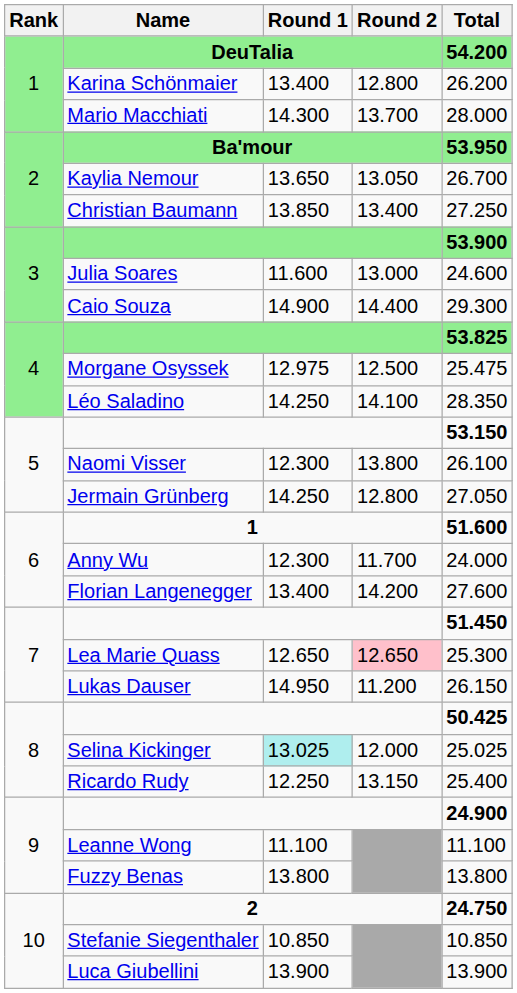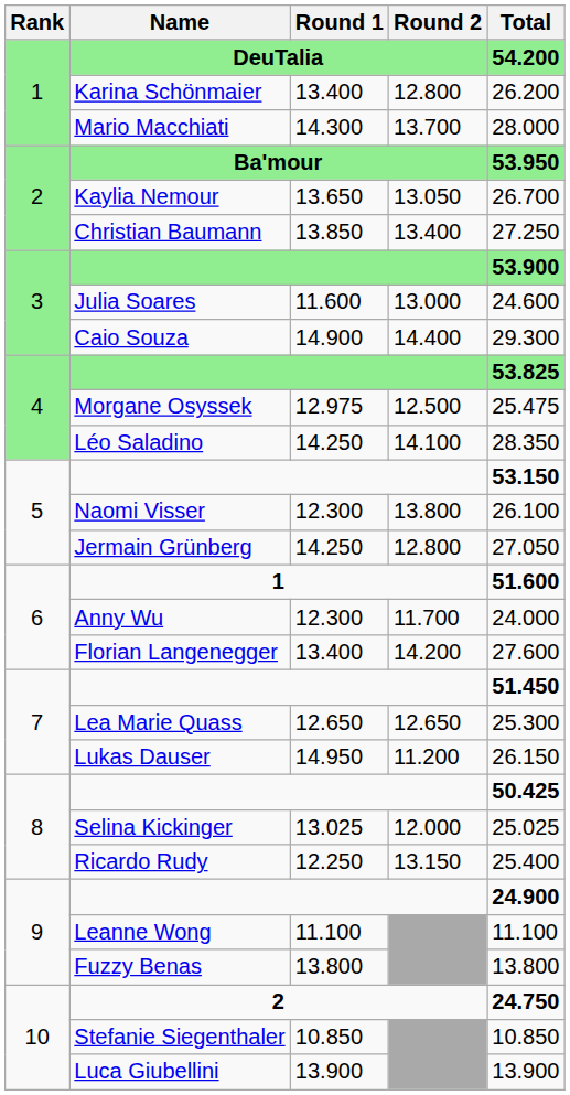 <table class="wikitable" white-space:nowrap">
 <tr>
 <th>Rank</th>
 <th>Name</th>
 <th>Round 1</th>
 <th>Round 2</th>
 <th>Total</th>
 </tr>
 <tr bgcolor="lightgreen">
 <td rowspan="3" align=center>1</td>
 <td align=center colspan="3">  <strong>DeuTalia</strong></td>
 <td><strong>54.200</strong></td>
 </tr>
 <tr>
 <td><a href='#'>Karina Schönmaier</a></td>
 <td> 13.400</td>
 <td> 12.800</td>
 <td>26.200</td>
 </tr>
 <tr>
 <td><a href='#'>Mario Macchiati</a></td>
 <td> 14.300</td>
 <td> 13.700</td>
 <td>28.000</td>
 </tr>
 <tr bgcolor="lightgreen">
 <td rowspan="3" align=center>2</td>
 <td align=center colspan="3">  <strong>Ba'mour</strong></td>
 <td><strong>53.950</strong></td>
 </tr>
 <tr>
 <td><a href='#'>Kaylia Nemour</a></td>
 <td> 13.650</td>
 <td> 13.050</td>
 <td>26.700</td>
 </tr>
 <tr>
 <td><a href='#'>Christian Baumann</a></td>
 <td> 13.850</td>
 <td> 13.400</td>
 <td>27.250</td>
 </tr>
 <tr bgcolor="lightgreen">
 <td rowspan="3" align=center>3</td>
 <td align=center colspan="3"><strong></strong></td>
 <td><strong>53.900</strong></td>
 </tr>
 <tr>
 <td><a href='#'>Julia Soares</a></td>
 <td> 11.600</td>
 <td> 13.000</td>
 <td>24.600</td>
 </tr>
 <tr>
 <td><a href='#'>Caio Souza</a></td>
 <td> 14.900</td>
 <td> 14.400</td>
 <td>29.300</td>
 </tr>
 <tr bgcolor="lightgreen">
 <td rowspan="3" align=center>4</td>
 <td align=center colspan="3"><strong></strong></td>
 <td><strong>53.825</strong></td>
 </tr>
 <tr>
 <td><a href='#'>Morgane Osyssek</a></td>
 <td> 12.975</td>
 <td> 12.500</td>
 <td>25.475</td>
 </tr>
 <tr>
 <td><a href='#'>Léo Saladino</a></td>
 <td> 14.250</td>
 <td> 14.100</td>
 <td>28.350</td>
 </tr>
 <tr>
 <td rowspan="3" align=center>5</td>
 <td align=center colspan="3"><strong></strong></td>
 <td><strong>53.150</strong></td>
 </tr>
 <tr>
 <td><a href='#'>Naomi Visser</a></td>
 <td> 12.300</td>
 <td> 13.800</td>
 <td>26.100</td>
 </tr>
 <tr>
 <td><a href='#'>Jermain Grünberg</a></td>
 <td> 14.250</td>
 <td> 12.800</td>
 <td>27.050</td>
 </tr>
 <tr>
 <td rowspan="3" align=center>6</td>
 <td align=center colspan="3"><strong> 1</strong></td>
 <td><strong>51.600</strong></td>
 </tr>
 <tr>
 <td><a href='#'>Anny Wu</a></td>
 <td> 12.300</td>
 <td> 11.700</td>
 <td>24.000</td>
 </tr>
 <tr>
 <td><a href='#'>Florian Langenegger</a></td>
 <td> 13.400</td>
 <td> 14.200</td>
 <td>27.600</td>
 </tr>
 <tr>
 <td rowspan="3" align=center>7</td>
 <td align=center colspan="3"><strong></strong></td>
 <td><strong>51.450</strong></td>
 </tr>
 <tr>
 <td><a href='#'>Lea Marie Quass</a></td>
 <td> 12.650</td>
-<td style="background: pink;"> 12.650</td>
+<td> 12.650</td>
 <td>25.300</td>
 </tr>
 <tr>
 <td><a href='#'>Lukas Dauser</a></td>
 <td> 14.950</td>
 <td> 11.200</td>
 <td>26.150</td>
 </tr>
 <tr>
 <td rowspan="3" align=center>8</td>
 <td align=center colspan="3"><strong></strong></td>
 <td><strong>50.425</strong></td>
 </tr>
 <tr>
 <td><a href='#'>Selina Kickinger</a></td>
-<td style="background: paleturquoise;"> 13.025</td>
+<td> 13.025</td>
 <td> 12.000</td>
 <td>25.025</td>
 </tr>
 <tr>
 <td><a href='#'>Ricardo Rudy</a></td>
 <td> 12.250</td>
 <td> 13.150</td>
 <td>25.400</td>
 </tr>
 <tr>
 <td rowspan="3" align=center>9</td>
 <td align=center colspan="3"><strong></strong></td>
 <td><strong>24.900</strong></td>
 </tr>
 <tr>
 <td><a href='#'>Leanne Wong</a></td>
 <td> 11.100</td>
 <td rowspan="2" bgcolor="darkgrey"></td>
 <td>11.100</td>
 </tr>
 <tr>
 <td><a href='#'>Fuzzy Benas</a></td>
 <td> 13.800</td>
 <td>13.800</td>
 </tr>
 <tr>
 <td rowspan="3" align=center>10</td>
 <td align=center colspan="3"><strong> 2</strong></td>
 <td><strong>24.750</strong></td>
 </tr>
 <tr>
 <td><a href='#'>Stefanie Siegenthaler</a></td>
 <td> 10.850</td>
 <td rowspan="2" bgcolor="darkgrey"></td>
 <td>10.850</td>
 </tr>
 <tr>
 <td><a href='#'>Luca Giubellini</a></td>
 <td> 13.900</td>
 <td>13.900</td>
 </tr>
 </table>
